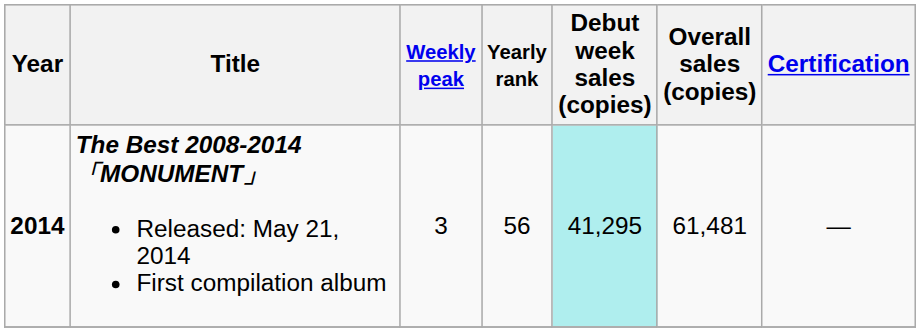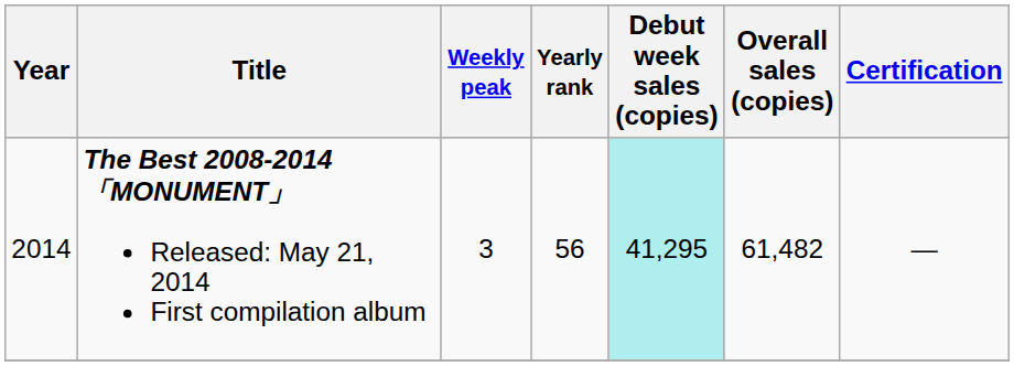 <table width="600" class="wikitable" style="text-align:center">
 <tr bgcolor="#cccccc">
 <th>Year</th>
 <th width="210">Title</th>
 <th><small><a href='#'>Weekly peak</a><br></small></th>
 <th><small>Yearly rank</small></th>
 <th>Debut week sales<br>(copies)</th>
 <th>Overall sales<br>(copies)</th>
 <th><a href='#'>Certification</a></th>
 </tr>
 <tr>
-<td><strong>2014</strong></td>
+<td>2014</td>
 <td align="left"><strong><em>The Best 2008-2014「MONUMENT」</em></strong><br><ul><li>Released: May 21, 2014</li><li>First compilation album</li></ul></td>
 <td align="center">3</td>
 <td align="center">56</td>
 <td align="center" style="background: paleturquoise;">41,295</td>
-<td align="center">61,481</td>
+<td align="center">61,482</td>
 <td align="center">—</td>
 </tr>
 <tr>
 </tr>
 </table>
